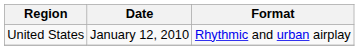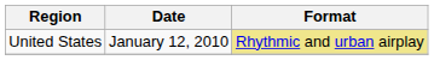 <table class="wikitable">
 <tr>
 <th>Region</th>
 <th>Date</th>
 <th>Format</th>
 </tr>
 <tr>
 <td rowspan="1">United States</td>
 <td>January 12, 2010</td>
-<td><a href='#'>Rhythmic</a> and <a href='#'>urban</a> airplay</td>
+<td style="background: khaki;"><a href='#'>Rhythmic</a> and <a href='#'>urban</a> airplay</td>
 </tr>
 <tr>
 </tr>
 </table>
